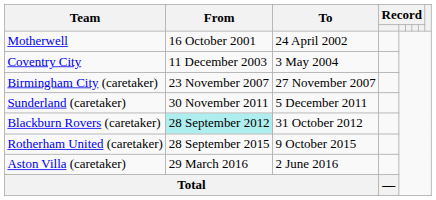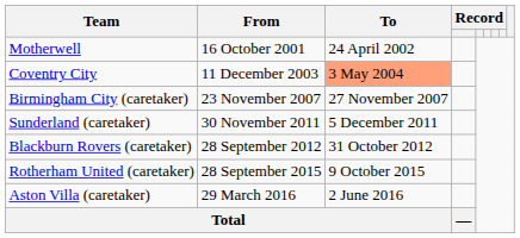 <table class=wikitable style="text-align: center">
 <tr>
 <th rowspan=2>Team</th>
 <th rowspan=2>From</th>
 <th rowspan=2>To</th>
 <th colspan=5>Record</th>
 <th rowspan=2></th>
 </tr>
 <tr>
 <th></th>
 <th></th>
 <th></th>
 <th></th>
 <th></th>
 </tr>
 <tr>
 <td align=left><a href='#'>Motherwell</a></td>
 <td align=left>16 October 2001</td>
 <td align=left>24 April 2002<br></td>
 <td></td>
 </tr>
 <tr>
 <td align=left><a href='#'>Coventry City</a></td>
 <td align=left>11 December 2003</td>
-<td align=left>3 May 2004<br></td>
+<td align=left style="background: lightsalmon;">3 May 2004<br></td>
 <td></td>
 </tr>
 <tr>
 <td align=left><a href='#'>Birmingham City</a> (caretaker)</td>
 <td align=left>23 November 2007</td>
 <td align=left>27 November 2007<br></td>
 <td></td>
 </tr>
 <tr>
 <td align=left><a href='#'>Sunderland</a> (caretaker)</td>
 <td align=left>30 November 2011</td>
 <td align=left>5 December 2011<br></td>
 <td></td>
 </tr>
 <tr>
 <td align=left><a href='#'>Blackburn Rovers</a> (caretaker)</td>
-<td align=left style="background: paleturquoise;">28 September 2012</td>
+<td align=left>28 September 2012</td>
 <td align=left>31 October 2012<br></td>
 <td></td>
 </tr>
 <tr>
 <td align=left><a href='#'>Rotherham United</a> (caretaker)</td>
 <td align=left>28 September 2015</td>
 <td align=left>9 October 2015<br></td>
 <td></td>
 </tr>
 <tr>
 <td align=left><a href='#'>Aston Villa</a> (caretaker)</td>
 <td align=left>29 March 2016</td>
 <td align=left>2 June 2016<br></td>
 <td></td>
 </tr>
 <tr>
 <th colspan=3>Total<br></th>
 <th>—</th>
 </tr>
 </table>
